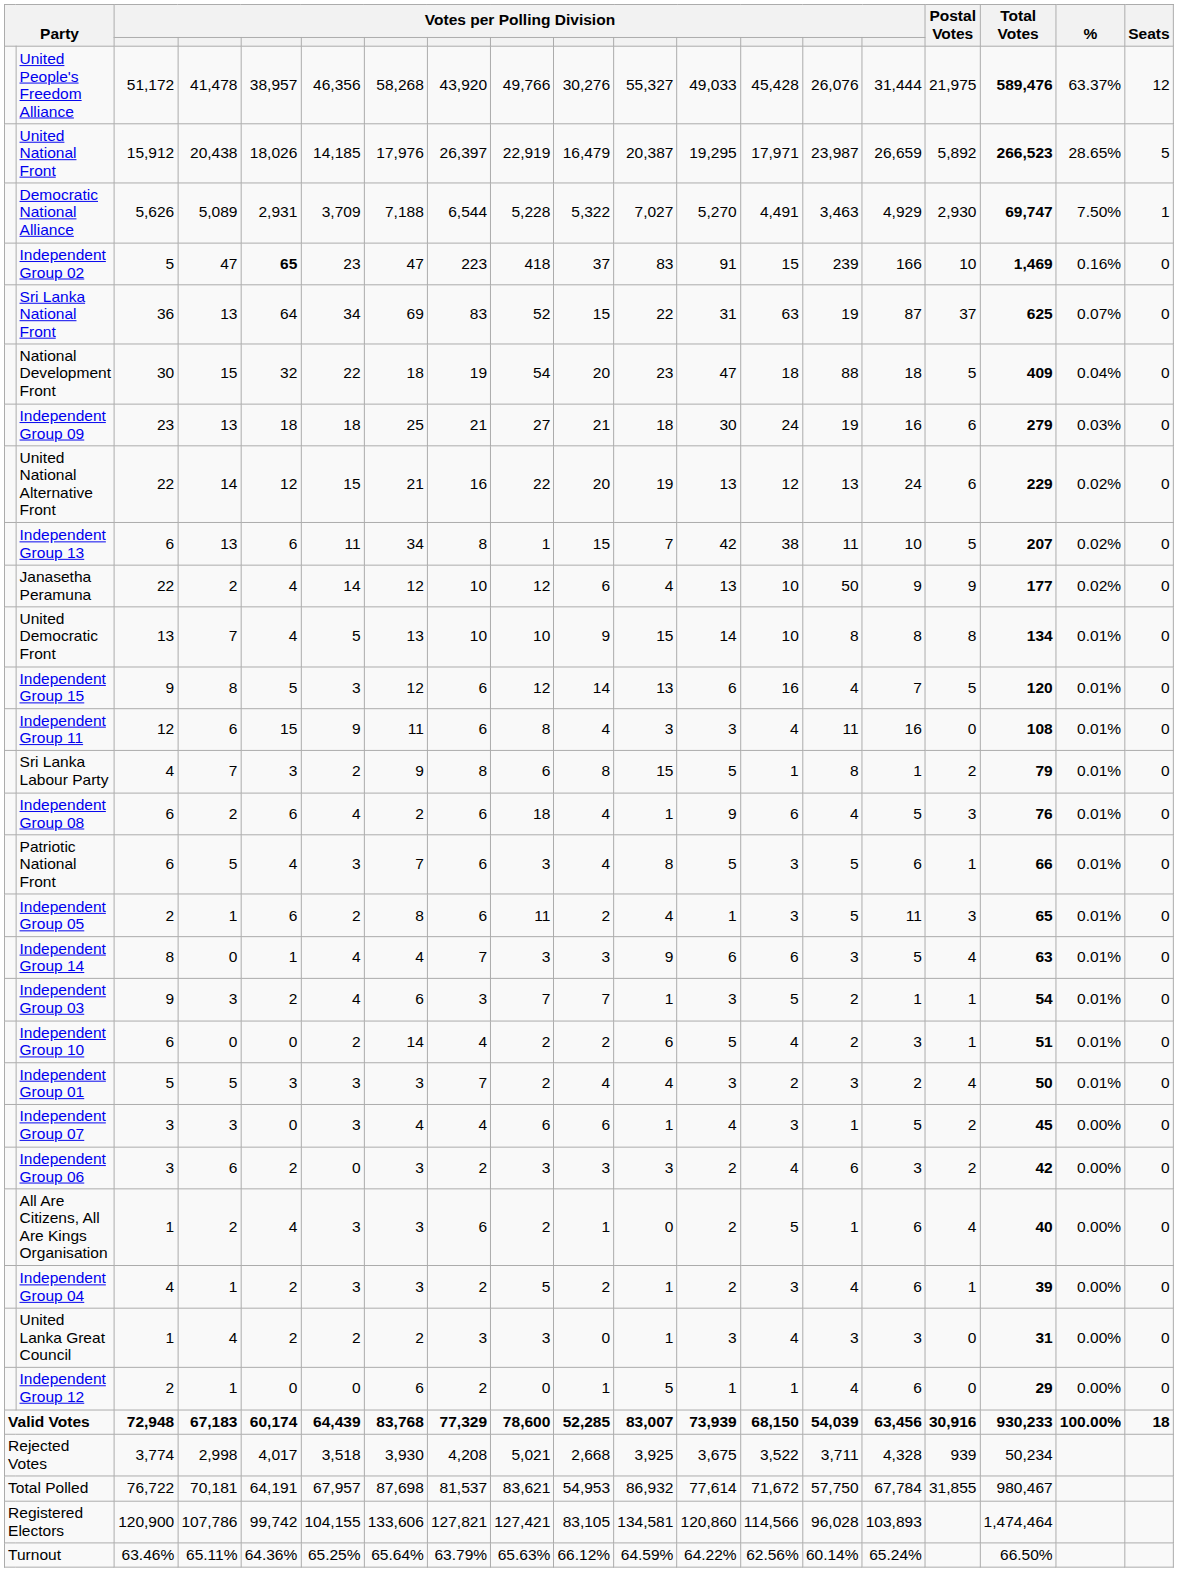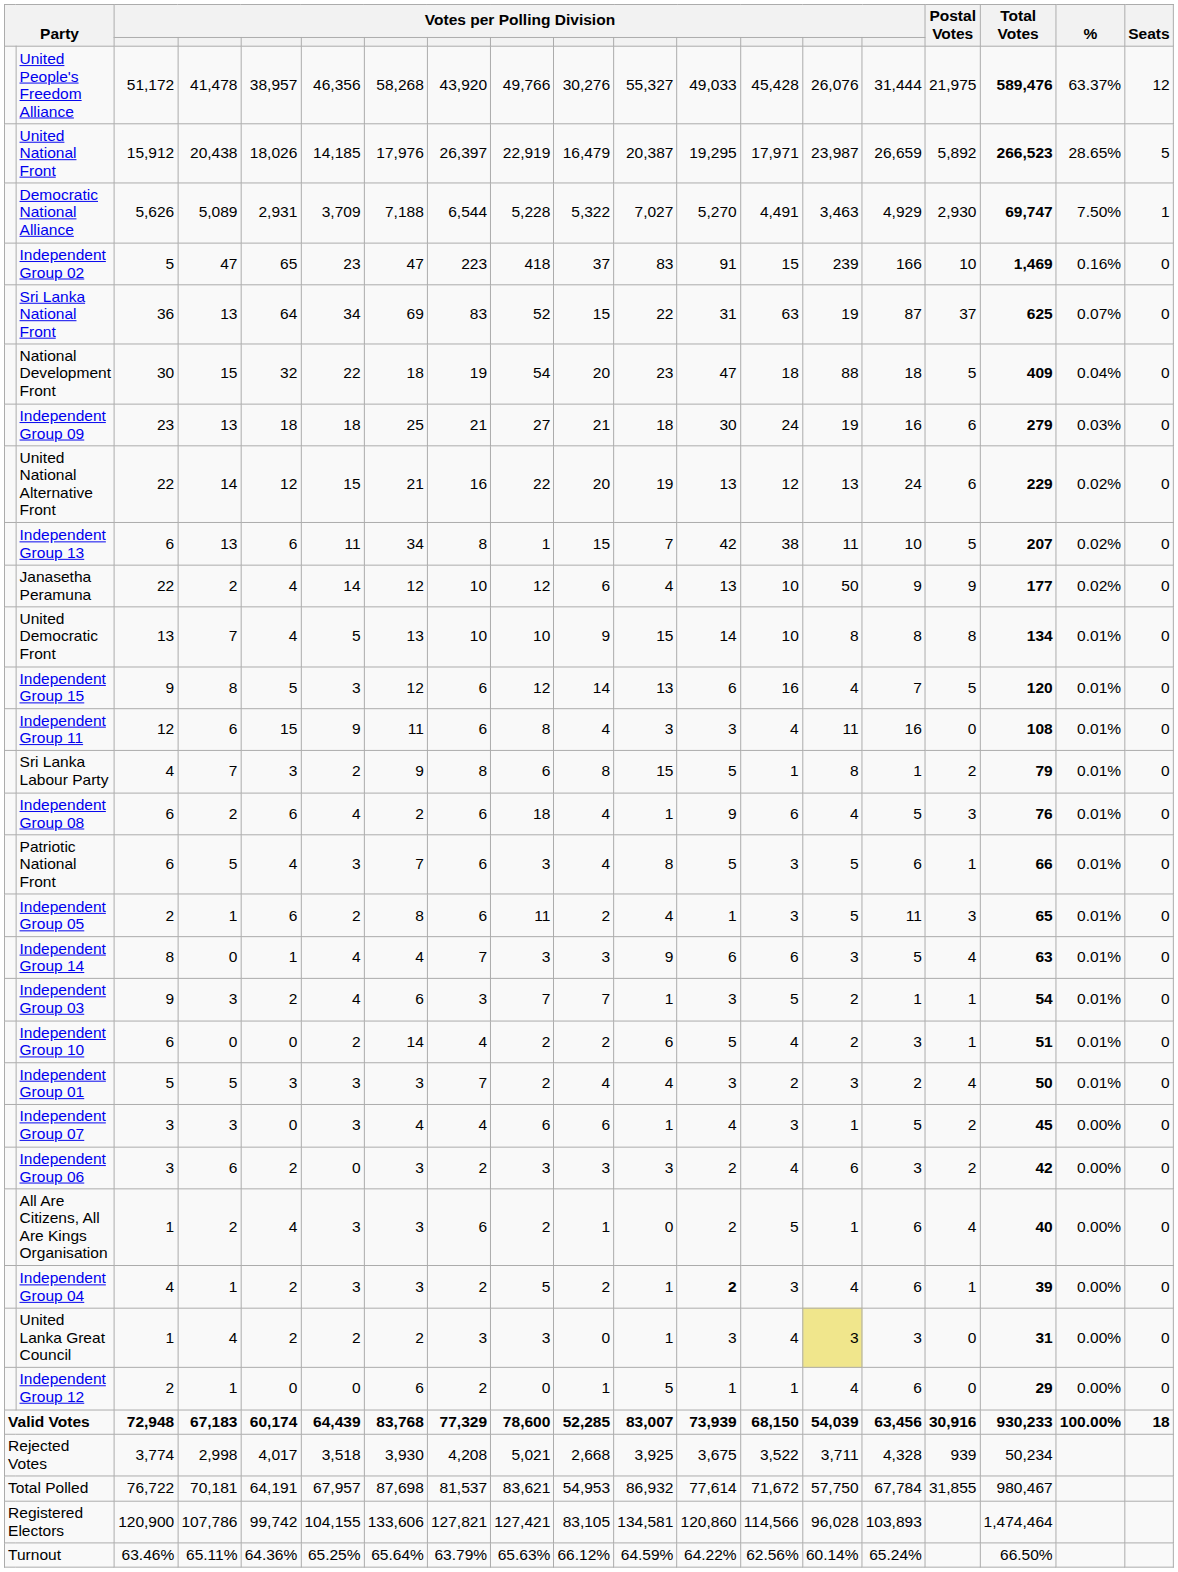 <table class="wikitable" border="1" style="text-align:right;">
 <tr>
 <th align=left valign=bottom rowspan=2 colspan=2>Party</th>
 <th colspan=13>Votes per Polling Division</th>
 <th align=center valign=bottom rowspan=2 width="50">Postal<br>Votes</th>
 <th align=center valign=bottom rowspan=2 width="50">Total Votes</th>
 <th align=center valign=bottom rowspan=2 width="50">%</th>
 <th align=center valign=bottom rowspan=2 width="40">Seats</th>
 </tr>
 <tr>
 <th></th>
 <th></th>
 <th></th>
 <th></th>
 <th></th>
 <th></th>
 <th></th>
 <th></th>
 <th></th>
 <th></th>
 <th></th>
 <th></th>
 <th></th>
 </tr>
 <tr>
 <td bgcolor=> </td>
 <td align=left><a href='#'>United People's Freedom Alliance</a></td>
 <td>51,172</td>
 <td>41,478</td>
 <td>38,957</td>
 <td>46,356</td>
 <td>58,268</td>
 <td>43,920</td>
 <td>49,766</td>
 <td>30,276</td>
 <td>55,327</td>
 <td>49,033</td>
 <td>45,428</td>
 <td>26,076</td>
 <td>31,444</td>
 <td>21,975</td>
 <td><strong>589,476</strong></td>
 <td>63.37%</td>
 <td>12</td>
 </tr>
 <tr>
 <td bgcolor=> </td>
 <td align=left><a href='#'>United National Front</a></td>
 <td>15,912</td>
 <td>20,438</td>
 <td>18,026</td>
 <td>14,185</td>
 <td>17,976</td>
 <td>26,397</td>
 <td>22,919</td>
 <td>16,479</td>
 <td>20,387</td>
 <td>19,295</td>
 <td>17,971</td>
 <td>23,987</td>
 <td>26,659</td>
 <td>5,892</td>
 <td><strong>266,523</strong></td>
 <td>28.65%</td>
 <td>5</td>
 </tr>
 <tr>
 <td bgcolor=> </td>
 <td align=left><a href='#'>Democratic National Alliance</a></td>
 <td>5,626</td>
 <td>5,089</td>
 <td>2,931</td>
 <td>3,709</td>
 <td>7,188</td>
 <td>6,544</td>
 <td>5,228</td>
 <td>5,322</td>
 <td>7,027</td>
 <td>5,270</td>
 <td>4,491</td>
 <td>3,463</td>
 <td>4,929</td>
 <td>2,930</td>
 <td><strong>69,747</strong></td>
 <td>7.50%</td>
 <td>1</td>
 </tr>
 <tr>
 <td bgcolor=> </td>
 <td align=left><a href='#'>Independent Group 02</a></td>
 <td>5</td>
 <td>47</td>
-<td><strong>65</strong></td>
+<td>65</td>
 <td>23</td>
 <td>47</td>
 <td>223</td>
 <td>418</td>
 <td>37</td>
 <td>83</td>
 <td>91</td>
 <td>15</td>
 <td>239</td>
 <td>166</td>
 <td>10</td>
 <td><strong>1,469</strong></td>
 <td>0.16%</td>
 <td>0</td>
 </tr>
 <tr>
 <td bgcolor=> </td>
 <td align=left><a href='#'>Sri Lanka National Front</a></td>
 <td>36</td>
 <td>13</td>
 <td>64</td>
 <td>34</td>
 <td>69</td>
 <td>83</td>
 <td>52</td>
 <td>15</td>
 <td>22</td>
 <td>31</td>
 <td>63</td>
 <td>19</td>
 <td>87</td>
 <td>37</td>
 <td><strong>625</strong></td>
 <td>0.07%</td>
 <td>0</td>
 </tr>
 <tr>
 <td bgcolor=> </td>
 <td align=left>National Development Front</td>
 <td>30</td>
 <td>15</td>
 <td>32</td>
 <td>22</td>
 <td>18</td>
 <td>19</td>
 <td>54</td>
 <td>20</td>
 <td>23</td>
 <td>47</td>
 <td>18</td>
 <td>88</td>
 <td>18</td>
 <td>5</td>
 <td><strong>409</strong></td>
 <td>0.04%</td>
 <td>0</td>
 </tr>
 <tr>
 <td bgcolor=> </td>
 <td align=left><a href='#'>Independent Group 09</a></td>
 <td>23</td>
 <td>13</td>
 <td>18</td>
 <td>18</td>
 <td>25</td>
 <td>21</td>
 <td>27</td>
 <td>21</td>
 <td>18</td>
 <td>30</td>
 <td>24</td>
 <td>19</td>
 <td>16</td>
 <td>6</td>
 <td><strong>279</strong></td>
 <td>0.03%</td>
 <td>0</td>
 </tr>
 <tr>
 <td bgcolor=> </td>
 <td align=left>United National Alternative Front</td>
 <td>22</td>
 <td>14</td>
 <td>12</td>
 <td>15</td>
 <td>21</td>
 <td>16</td>
 <td>22</td>
 <td>20</td>
 <td>19</td>
 <td>13</td>
 <td>12</td>
 <td>13</td>
 <td>24</td>
 <td>6</td>
 <td><strong>229</strong></td>
 <td>0.02%</td>
 <td>0</td>
 </tr>
 <tr>
 <td bgcolor=> </td>
 <td align=left><a href='#'>Independent Group 13</a></td>
 <td>6</td>
 <td>13</td>
 <td>6</td>
 <td>11</td>
 <td>34</td>
 <td>8</td>
 <td>1</td>
 <td>15</td>
 <td>7</td>
 <td>42</td>
 <td>38</td>
 <td>11</td>
 <td>10</td>
 <td>5</td>
 <td><strong>207</strong></td>
 <td>0.02%</td>
 <td>0</td>
 </tr>
 <tr>
 <td bgcolor=> </td>
 <td align=left>Janasetha Peramuna</td>
 <td>22</td>
 <td>2</td>
 <td>4</td>
 <td>14</td>
 <td>12</td>
 <td>10</td>
 <td>12</td>
 <td>6</td>
 <td>4</td>
 <td>13</td>
 <td>10</td>
 <td>50</td>
 <td>9</td>
 <td>9</td>
 <td><strong>177</strong></td>
 <td>0.02%</td>
 <td>0</td>
 </tr>
 <tr>
 <td bgcolor=> </td>
 <td align=left>United Democratic Front</td>
 <td>13</td>
 <td>7</td>
 <td>4</td>
 <td>5</td>
 <td>13</td>
 <td>10</td>
 <td>10</td>
 <td>9</td>
 <td>15</td>
 <td>14</td>
 <td>10</td>
 <td>8</td>
 <td>8</td>
 <td>8</td>
 <td><strong>134</strong></td>
 <td>0.01%</td>
 <td>0</td>
 </tr>
 <tr>
 <td bgcolor=> </td>
 <td align=left><a href='#'>Independent Group 15</a></td>
 <td>9</td>
 <td>8</td>
 <td>5</td>
 <td>3</td>
 <td>12</td>
 <td>6</td>
 <td>12</td>
 <td>14</td>
 <td>13</td>
 <td>6</td>
 <td>16</td>
 <td>4</td>
 <td>7</td>
 <td>5</td>
 <td><strong>120</strong></td>
 <td>0.01%</td>
 <td>0</td>
 </tr>
 <tr>
 <td bgcolor=> </td>
 <td align=left><a href='#'>Independent Group 11</a></td>
 <td>12</td>
 <td>6</td>
 <td>15</td>
 <td>9</td>
 <td>11</td>
 <td>6</td>
 <td>8</td>
 <td>4</td>
 <td>3</td>
 <td>3</td>
 <td>4</td>
 <td>11</td>
 <td>16</td>
 <td>0</td>
 <td><strong>108</strong></td>
 <td>0.01%</td>
 <td>0</td>
 </tr>
 <tr>
 <td bgcolor=> </td>
 <td align=left>Sri Lanka Labour Party</td>
 <td>4</td>
 <td>7</td>
 <td>3</td>
 <td>2</td>
 <td>9</td>
 <td>8</td>
 <td>6</td>
 <td>8</td>
 <td>15</td>
 <td>5</td>
 <td>1</td>
 <td>8</td>
 <td>1</td>
 <td>2</td>
 <td><strong>79</strong></td>
 <td>0.01%</td>
 <td>0</td>
 </tr>
 <tr>
 <td bgcolor=> </td>
 <td align=left><a href='#'>Independent Group 08</a></td>
 <td>6</td>
 <td>2</td>
 <td>6</td>
 <td>4</td>
 <td>2</td>
 <td>6</td>
 <td>18</td>
 <td>4</td>
 <td>1</td>
 <td>9</td>
 <td>6</td>
 <td>4</td>
 <td>5</td>
 <td>3</td>
 <td><strong>76</strong></td>
 <td>0.01%</td>
 <td>0</td>
 </tr>
 <tr>
 <td bgcolor=> </td>
 <td align=left>Patriotic National Front</td>
 <td>6</td>
 <td>5</td>
 <td>4</td>
 <td>3</td>
 <td>7</td>
 <td>6</td>
 <td>3</td>
 <td>4</td>
 <td>8</td>
 <td>5</td>
 <td>3</td>
 <td>5</td>
 <td>6</td>
 <td>1</td>
 <td><strong>66</strong></td>
 <td>0.01%</td>
 <td>0</td>
 </tr>
 <tr>
 <td bgcolor=> </td>
 <td align=left><a href='#'>Independent Group 05</a></td>
 <td>2</td>
 <td>1</td>
 <td>6</td>
 <td>2</td>
 <td>8</td>
 <td>6</td>
 <td>11</td>
 <td>2</td>
 <td>4</td>
 <td>1</td>
 <td>3</td>
 <td>5</td>
 <td>11</td>
 <td>3</td>
 <td><strong>65</strong></td>
 <td>0.01%</td>
 <td>0</td>
 </tr>
 <tr>
 <td bgcolor=> </td>
 <td align=left><a href='#'>Independent Group 14</a></td>
 <td>8</td>
 <td>0</td>
 <td>1</td>
 <td>4</td>
 <td>4</td>
 <td>7</td>
 <td>3</td>
 <td>3</td>
 <td>9</td>
 <td>6</td>
 <td>6</td>
 <td>3</td>
 <td>5</td>
 <td>4</td>
 <td><strong>63</strong></td>
 <td>0.01%</td>
 <td>0</td>
 </tr>
 <tr>
 <td bgcolor=> </td>
 <td align=left><a href='#'>Independent Group 03</a></td>
 <td>9</td>
 <td>3</td>
 <td>2</td>
 <td>4</td>
 <td>6</td>
 <td>3</td>
 <td>7</td>
 <td>7</td>
 <td>1</td>
 <td>3</td>
 <td>5</td>
 <td>2</td>
 <td>1</td>
 <td>1</td>
 <td><strong>54</strong></td>
 <td>0.01%</td>
 <td>0</td>
 </tr>
 <tr>
 <td bgcolor=> </td>
 <td align=left><a href='#'>Independent Group 10</a></td>
 <td>6</td>
 <td>0</td>
 <td>0</td>
 <td>2</td>
 <td>14</td>
 <td>4</td>
 <td>2</td>
 <td>2</td>
 <td>6</td>
 <td>5</td>
 <td>4</td>
 <td>2</td>
 <td>3</td>
 <td>1</td>
 <td><strong>51</strong></td>
 <td>0.01%</td>
 <td>0</td>
 </tr>
 <tr>
 <td bgcolor=> </td>
 <td align=left><a href='#'>Independent Group 01</a></td>
 <td>5</td>
 <td>5</td>
 <td>3</td>
 <td>3</td>
 <td>3</td>
 <td>7</td>
 <td>2</td>
 <td>4</td>
 <td>4</td>
 <td>3</td>
 <td>2</td>
 <td>3</td>
 <td>2</td>
 <td>4</td>
 <td><strong>50</strong></td>
 <td>0.01%</td>
 <td>0</td>
 </tr>
 <tr>
 <td bgcolor=> </td>
 <td align=left><a href='#'>Independent Group 07</a></td>
 <td>3</td>
 <td>3</td>
 <td>0</td>
 <td>3</td>
 <td>4</td>
 <td>4</td>
 <td>6</td>
 <td>6</td>
 <td>1</td>
 <td>4</td>
 <td>3</td>
 <td>1</td>
 <td>5</td>
 <td>2</td>
 <td><strong>45</strong></td>
 <td>0.00%</td>
 <td>0</td>
 </tr>
 <tr>
 <td bgcolor=> </td>
 <td align=left><a href='#'>Independent Group 06</a></td>
 <td>3</td>
 <td>6</td>
 <td>2</td>
 <td>0</td>
 <td>3</td>
 <td>2</td>
 <td>3</td>
 <td>3</td>
 <td>3</td>
 <td>2</td>
 <td>4</td>
 <td>6</td>
 <td>3</td>
 <td>2</td>
 <td><strong>42</strong></td>
 <td>0.00%</td>
 <td>0</td>
 </tr>
 <tr>
 <td bgcolor=> </td>
 <td align=left>All Are Citizens, All Are Kings Organisation</td>
 <td>1</td>
 <td>2</td>
 <td>4</td>
 <td>3</td>
 <td>3</td>
 <td>6</td>
 <td>2</td>
 <td>1</td>
 <td>0</td>
 <td>2</td>
 <td>5</td>
 <td>1</td>
 <td>6</td>
 <td>4</td>
 <td><strong>40</strong></td>
 <td>0.00%</td>
 <td>0</td>
 </tr>
 <tr>
 <td bgcolor=> </td>
 <td align=left><a href='#'>Independent Group 04</a></td>
 <td>4</td>
 <td>1</td>
 <td>2</td>
 <td>3</td>
 <td>3</td>
 <td>2</td>
 <td>5</td>
 <td>2</td>
 <td>1</td>
-<td>2</td>
+<td><strong>2</strong></td>
 <td>3</td>
 <td>4</td>
 <td>6</td>
 <td>1</td>
 <td><strong>39</strong></td>
 <td>0.00%</td>
 <td>0</td>
 </tr>
 <tr>
 <td bgcolor=> </td>
 <td align=left>United Lanka Great Council</td>
 <td>1</td>
 <td>4</td>
 <td>2</td>
 <td>2</td>
 <td>2</td>
 <td>3</td>
 <td>3</td>
 <td>0</td>
 <td>1</td>
 <td>3</td>
 <td>4</td>
-<td>3</td>
+<td style="background: khaki;">3</td>
 <td>3</td>
 <td>0</td>
 <td><strong>31</strong></td>
 <td>0.00%</td>
 <td>0</td>
 </tr>
 <tr>
 <td bgcolor=> </td>
 <td align=left><a href='#'>Independent Group 12</a></td>
 <td>2</td>
 <td>1</td>
 <td>0</td>
 <td>0</td>
 <td>6</td>
 <td>2</td>
 <td>0</td>
 <td>1</td>
 <td>5</td>
 <td>1</td>
 <td>1</td>
 <td>4</td>
 <td>6</td>
 <td>0</td>
 <td><strong>29</strong></td>
 <td>0.00%</td>
 <td>0</td>
 </tr>
 <tr>
 <td align=left colspan=2><strong>Valid Votes</strong></td>
 <td><strong>72,948</strong></td>
 <td><strong>67,183</strong></td>
 <td><strong>60,174</strong></td>
 <td><strong>64,439</strong></td>
 <td><strong>83,768</strong></td>
 <td><strong>77,329</strong></td>
 <td><strong>78,600</strong></td>
 <td><strong>52,285</strong></td>
 <td><strong>83,007</strong></td>
 <td><strong>73,939</strong></td>
 <td><strong>68,150</strong></td>
 <td><strong>54,039</strong></td>
 <td><strong>63,456</strong></td>
 <td><strong>30,916</strong></td>
 <td><strong>930,233</strong></td>
 <td><strong>100.00%</strong></td>
 <td><strong>18</strong></td>
 </tr>
 <tr>
 <td align=left colspan=2>Rejected Votes</td>
 <td>3,774</td>
 <td>2,998</td>
 <td>4,017</td>
 <td>3,518</td>
 <td>3,930</td>
 <td>4,208</td>
 <td>5,021</td>
 <td>2,668</td>
 <td>3,925</td>
 <td>3,675</td>
 <td>3,522</td>
 <td>3,711</td>
 <td>4,328</td>
 <td>939</td>
 <td>50,234</td>
 <td></td>
 <td></td>
 </tr>
 <tr>
 <td align=left colspan=2>Total Polled</td>
 <td>76,722</td>
 <td>70,181</td>
 <td>64,191</td>
 <td>67,957</td>
 <td>87,698</td>
 <td>81,537</td>
 <td>83,621</td>
 <td>54,953</td>
 <td>86,932</td>
 <td>77,614</td>
 <td>71,672</td>
 <td>57,750</td>
 <td>67,784</td>
 <td>31,855</td>
 <td>980,467</td>
 <td></td>
 <td></td>
 </tr>
 <tr>
 <td align=left colspan=2>Registered Electors</td>
 <td>120,900</td>
 <td>107,786</td>
 <td>99,742</td>
 <td>104,155</td>
 <td>133,606</td>
 <td>127,821</td>
 <td>127,421</td>
 <td>83,105</td>
 <td>134,581</td>
 <td>120,860</td>
 <td>114,566</td>
 <td>96,028</td>
 <td>103,893</td>
 <td></td>
 <td>1,474,464</td>
 <td></td>
 <td></td>
 </tr>
 <tr>
 <td align=left colspan=2>Turnout</td>
 <td>63.46%</td>
 <td>65.11%</td>
 <td>64.36%</td>
 <td>65.25%</td>
 <td>65.64%</td>
 <td>63.79%</td>
 <td>65.63%</td>
 <td>66.12%</td>
 <td>64.59%</td>
 <td>64.22%</td>
 <td>62.56%</td>
 <td>60.14%</td>
 <td>65.24%</td>
 <td></td>
 <td>66.50%</td>
 <td></td>
 <td></td>
 </tr>
 </table>
